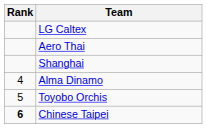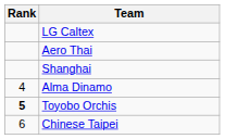 <table class="wikitable" style="text-align: center;">
 <tr>
 <th width=40>Rank</th>
 <th width=240>Team</th>
 </tr>
 <tr>
 <td></td>
 <td align="left"> <a href='#'>LG Caltex</a></td>
 </tr>
 <tr>
 <td></td>
 <td align="left"> <a href='#'>Aero Thai</a></td>
 </tr>
 <tr>
 <td></td>
 <td align="left"> <a href='#'>Shanghai</a></td>
 </tr>
 <tr>
 <td>4</td>
 <td align="left"> <a href='#'>Alma Dinamo</a></td>
 </tr>
 <tr>
-<td>5</td>
+<td><strong>5</strong></td>
 <td align="left"> <a href='#'>Toyobo Orchis</a></td>
 </tr>
 <tr>
-<td><strong>6</strong></td>
+<td>6</td>
 <td align="left"> <a href='#'>Chinese Taipei</a></td>
 </tr>
 </table>
